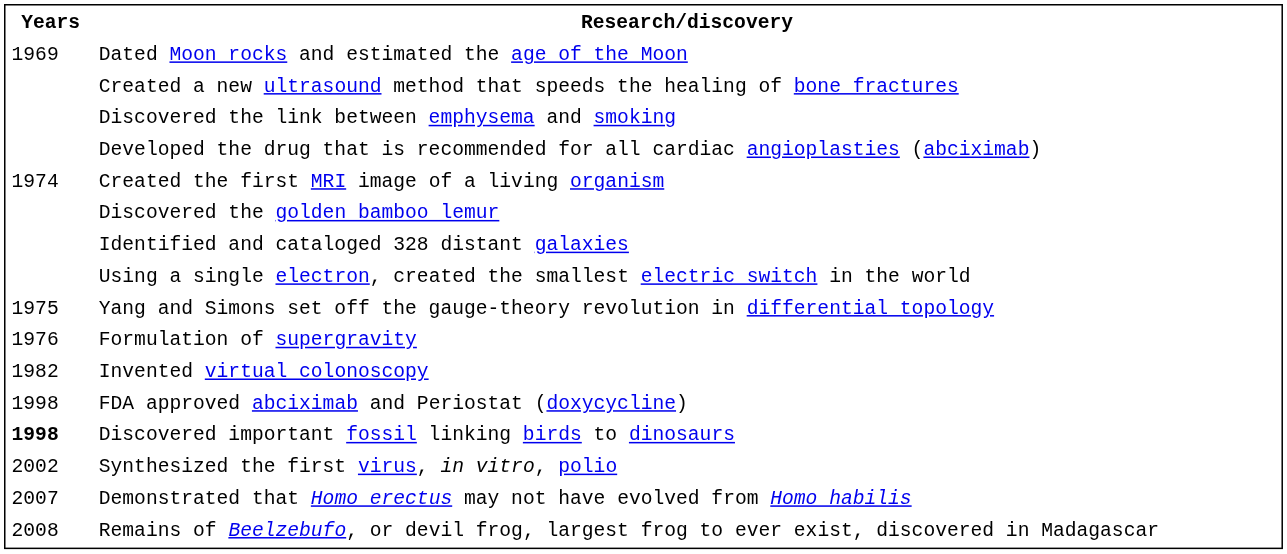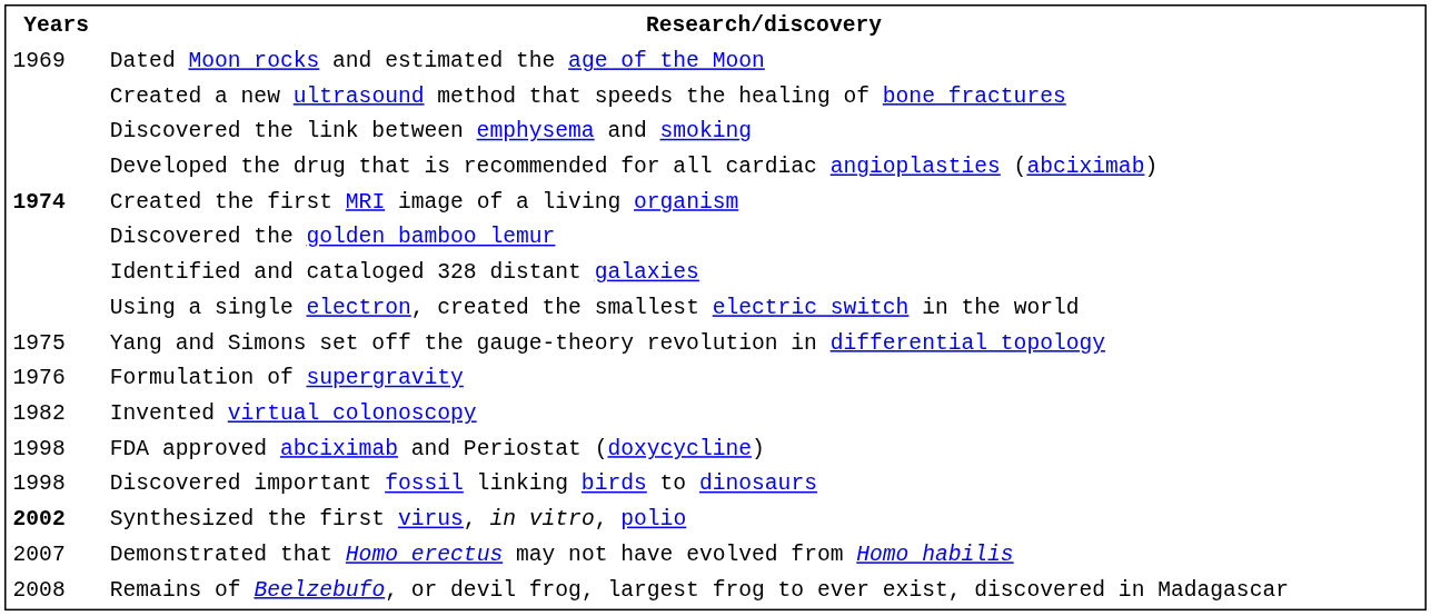 <table style="border:1px solid #000; width:67%;" cellpadding="2">
 <tr>
 <th width="30">Years</th>
 <th style="width:600px;">Research/discovery</th>
 </tr>
 <tr>
 <td>1969</td>
 <td>Dated <a href='#'>Moon rocks</a> and estimated the <a href='#'>age of the Moon</a></td>
 </tr>
 <tr>
 <td></td>
 <td>Created a new <a href='#'>ultrasound</a> method that speeds the healing of <a href='#'>bone fractures</a></td>
 </tr>
 <tr>
 <td></td>
 <td>Discovered the link between <a href='#'>emphysema</a> and <a href='#'>smoking</a></td>
 </tr>
 <tr>
 <td></td>
 <td>Developed the drug that is recommended for all cardiac <a href='#'>angioplasties</a> (<a href='#'>abciximab</a>)</td>
 </tr>
 <tr>
-<td>1974</td>
+<td><strong>1974</strong></td>
 <td>Created the first <a href='#'>MRI</a> image of a living <a href='#'>organism</a></td>
 </tr>
 <tr>
 <td></td>
 <td>Discovered the <a href='#'>golden bamboo lemur</a></td>
 </tr>
 <tr>
 <td></td>
 <td>Identified and cataloged 328 distant <a href='#'>galaxies</a></td>
 </tr>
 <tr>
 <td></td>
 <td>Using a single <a href='#'>electron</a>, created the smallest <a href='#'>electric switch</a> in the world</td>
 </tr>
 <tr>
 <td>1975</td>
 <td>Yang and Simons set off the gauge-theory revolution in <a href='#'>differential topology</a></td>
 </tr>
 <tr>
 <td>1976</td>
 <td>Formulation of <a href='#'>supergravity</a></td>
 </tr>
 <tr>
 <td>1982</td>
 <td>Invented <a href='#'>virtual colonoscopy</a></td>
 </tr>
 <tr>
 <td>1998</td>
 <td>FDA approved <a href='#'>abciximab</a> and Periostat (<a href='#'>doxycycline</a>)</td>
 </tr>
 <tr>
-<td><strong>1998</strong></td>
+<td>1998</td>
 <td>Discovered important <a href='#'>fossil</a> linking <a href='#'>birds</a> to <a href='#'>dinosaurs</a></td>
 </tr>
 <tr>
-<td>2002</td>
+<td><strong>2002</strong></td>
 <td>Synthesized the first <a href='#'>virus</a>, <em>in vitro</em>, <a href='#'>polio</a></td>
 </tr>
 <tr>
 <td>2007</td>
 <td>Demonstrated that <em><a href='#'>Homo erectus</a></em> may not have evolved from <em><a href='#'>Homo habilis</a></em></td>
 </tr>
 <tr>
 <td>2008</td>
 <td>Remains of <em><a href='#'>Beelzebufo</a></em>, or devil frog, largest frog to ever exist, discovered in Madagascar</td>
 </tr>
 </table>
